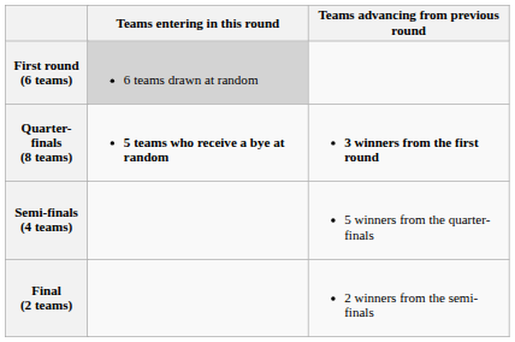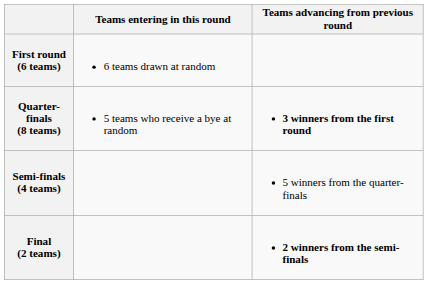 <table class="wikitable">
 <tr>
 <th colspan=2></th>
 <th>Teams entering in this round</th>
 <th>Teams advancing from previous round</th>
 </tr>
 <tr>
 <th colspan=2>First round<br>(6 teams)</th>
-<td style="background: lightgrey;"><br><ul><li>6 teams drawn at random</li></ul></td>
+<td><br><ul><li>6 teams drawn at random</li></ul></td>
 <td></td>
 </tr>
 <tr>
 <th colspan=2>Quarter-finals<br>(8 teams)</th>
-<td><strong><br><ul><li>5 teams who receive a bye at random</li></ul></strong></td>
+<td><br><ul><li>5 teams who receive a bye at random</li></ul></td>
 <td><strong><br><ul><li>3 winners from the first round</li></ul></strong></td>
 </tr>
 <tr>
 <th colspan=2>Semi-finals<br>(4 teams)</th>
 <td></td>
 <td><br><ul><li>5 winners from the quarter-finals</li></ul></td>
 </tr>
 <tr>
 <th colspan=2>Final<br>(2 teams)</th>
 <td></td>
-<td><br><ul><li>2 winners from the semi-finals</li></ul></td>
+<td><strong><br><ul><li>2 winners from the semi-finals</li></ul></strong></td>
 </tr>
 </table>
